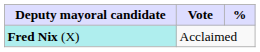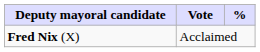 <table class="wikitable">
 <tr>
 <th style="background:#ddf; width:200px;">Deputy mayoral candidate</th>
 <th style="background:#ddf; width:50px;">Vote</th>
 <th style="background:#ddf; width:30px;">%</th>
 </tr>
 <tr>
-<td style="background: paleturquoise;"><strong>Fred Nix</strong> (X)</td>
+<td><strong>Fred Nix</strong> (X)</td>
 <td colspan="2">Acclaimed</td>
 </tr>
 </table>
